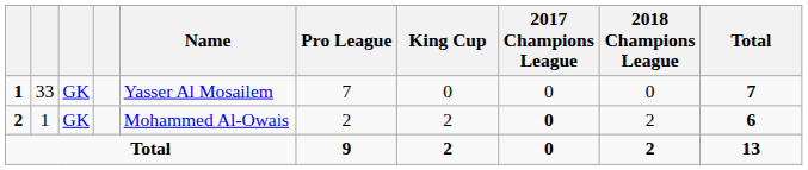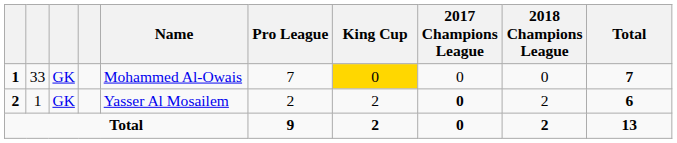 <table class="wikitable" style="text-align:center">
 <tr>
 <th width=15></th>
 <th width=15></th>
 <th width=15></th>
 <th width=15></th>
 <th width=145>Name</th>
 <th width=80>Pro League</th>
 <th width=80>King Cup</th>
 <th width=80>2017 Champions League</th>
 <th width=80>2018 Champions League</th>
 <th width=80>Total</th>
 </tr>
 <tr>
 <td><strong>1</strong></td>
 <td>33</td>
 <td><a href='#'>GK</a></td>
 <td></td>
-<td align=left><a href='#'>Yasser Al Mosailem</a></td>
+<td align=left><a href='#'>Mohammed Al-Owais</a></td>
 <td>7</td>
-<td>0</td>
+<td style="background: gold;">0</td>
 <td>0</td>
 <td>0</td>
 <td><strong>7</strong></td>
 </tr>
 <tr>
 <td><strong>2</strong></td>
 <td>1</td>
 <td><a href='#'>GK</a></td>
 <td></td>
-<td align=left><a href='#'>Mohammed Al-Owais</a></td>
+<td align=left><a href='#'>Yasser Al Mosailem</a></td>
 <td>2</td>
 <td>2</td>
 <td><strong>0</strong></td>
 <td>2</td>
 <td><strong>6</strong></td>
 </tr>
 <tr>
 <td colspan=5><strong>Total</strong></td>
 <td><strong>9</strong></td>
 <td><strong>2</strong></td>
 <td><strong>0</strong></td>
 <td><strong>2</strong></td>
 <td><strong>13</strong></td>
 </tr>
 </table>
